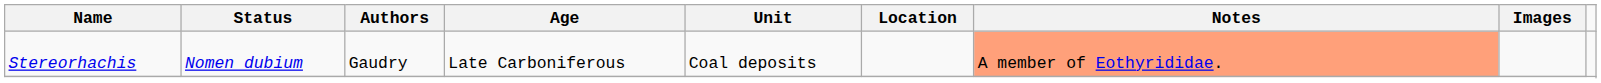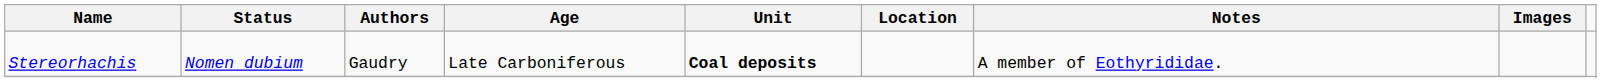 <table class="wikitable sortable" align="center" width="100%">
 <tr>
 <th>Name</th>
 <th>Status</th>
 <th>Authors</th>
 <th>Age</th>
 <th>Unit</th>
 <th>Location</th>
 <th width="33%" class="unsortable">Notes</th>
 <th class="unsortable">Images</th>
 </tr>
 <tr>
 <td><br><em><a href='#'>Stereorhachis</a></em></td>
 <td><br><em><a href='#'>Nomen dubium</a></em></td>
 <td><br>Gaudry</td>
 <td><br>Late Carboniferous</td>
-<td><br>Coal deposits</td>
+<td><strong><br>Coal deposits</strong></td>
 <td><br></td>
-<td style="background: lightsalmon;"><br>A member of <a href='#'>Eothyrididae</a>.</td>
+<td><br>A member of <a href='#'>Eothyrididae</a>.</td>
 <td></td>
 <td rowspan="99"></td>
 </tr>
 <tr>
 </tr>
 </table>
